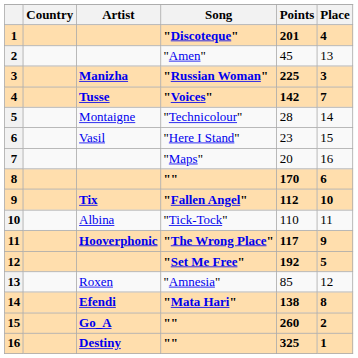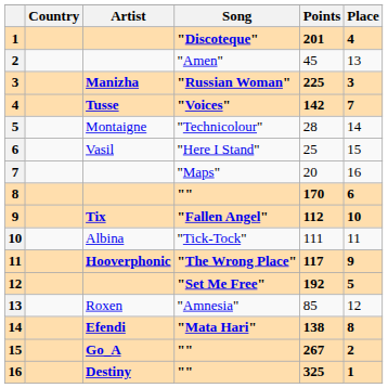 <table class="sortable wikitable plainrowheaders">
 <tr>
 </tr>
 <tr>
 <th scope="col"></th>
 <th scope="col">Country</th>
 <th scope="col">Artist</th>
 <th scope="col">Song</th>
 <th scope="col">Points</th>
 <th scope="col">Place</th>
 </tr>
 <tr style="font-weight:bold; background:navajowhite;">
 <th scope="row" style="text-align:center; font-weight:bold; background:navajowhite;">1</th>
 <td></td>
 <td></td>
 <td>"<a href='#'>Discoteque</a>"</td>
 <td>201</td>
 <td>4</td>
 </tr>
 <tr>
 <th scope="row" style="text-align:center;">2</th>
 <td></td>
 <td></td>
 <td>"<a href='#'>Amen</a>"</td>
 <td>45</td>
 <td>13</td>
 </tr>
 <tr style="font-weight:bold; background:navajowhite;">
 <th scope="row" style="text-align:center; font-weight:bold; background:navajowhite;">3</th>
 <td></td>
 <td><a href='#'>Manizha</a></td>
 <td>"<a href='#'>Russian Woman</a>"</td>
 <td>225</td>
 <td>3</td>
 </tr>
 <tr style="font-weight:bold; background:navajowhite;">
 <th scope="row" style="text-align:center; font-weight:bold; background:navajowhite;">4</th>
 <td></td>
 <td><a href='#'>Tusse</a></td>
 <td>"<a href='#'>Voices</a>"</td>
 <td>142</td>
 <td>7</td>
 </tr>
 <tr>
 <th scope="row" style="text-align:center;">5</th>
 <td></td>
 <td><a href='#'>Montaigne</a></td>
 <td>"<a href='#'>Technicolour</a>"</td>
 <td>28</td>
 <td>14</td>
 </tr>
 <tr>
 <th scope="row" style="text-align:center;">6</th>
 <td></td>
 <td><a href='#'>Vasil</a></td>
 <td>"<a href='#'>Here I Stand</a>"</td>
-<td>23</td>
+<td>25</td>
 <td>15</td>
 </tr>
 <tr>
 <th scope="row" style="text-align:center;">7</th>
 <td></td>
 <td></td>
 <td>"<a href='#'>Maps</a>"</td>
 <td>20</td>
 <td>16</td>
 </tr>
 <tr style="font-weight:bold; background:navajowhite;">
 <th scope="row" style="text-align:center; font-weight:bold; background:navajowhite;">8</th>
 <td></td>
 <td></td>
 <td>""</td>
 <td>170</td>
 <td>6</td>
 </tr>
 <tr style="font-weight:bold; background:navajowhite;">
 <th scope="row" style="text-align:center; font-weight:bold; background:navajowhite;">9</th>
 <td></td>
 <td><a href='#'>Tix</a></td>
 <td>"<a href='#'>Fallen Angel</a>"</td>
 <td>112</td>
 <td>10</td>
 </tr>
 <tr>
 <th scope="row" style="text-align:center;">10</th>
 <td></td>
 <td><a href='#'>Albina</a></td>
 <td>"<a href='#'>Tick-Tock</a>"</td>
-<td>110</td>
+<td>111</td>
 <td>11</td>
 </tr>
 <tr style="font-weight:bold; background:navajowhite;">
 <th scope="row" style="text-align:center; font-weight:bold; background:navajowhite;">11</th>
 <td></td>
 <td><a href='#'>Hooverphonic</a></td>
 <td>"<a href='#'>The Wrong Place</a>"</td>
 <td>117</td>
 <td>9</td>
 </tr>
 <tr style="font-weight:bold; background:navajowhite;">
 <th scope="row" style="text-align:center; font-weight:bold; background:navajowhite;">12</th>
 <td></td>
 <td></td>
 <td>"<a href='#'>Set Me Free</a>"</td>
 <td>192</td>
 <td>5</td>
 </tr>
 <tr>
 <th scope="row" style="text-align:center;">13</th>
 <td></td>
 <td><a href='#'>Roxen</a></td>
 <td>"<a href='#'>Amnesia</a>"</td>
 <td>85</td>
 <td>12</td>
 </tr>
 <tr style="font-weight:bold; background:navajowhite;">
 <th scope="row" style="text-align:center; font-weight:bold; background:navajowhite;">14</th>
 <td></td>
 <td><a href='#'>Efendi</a></td>
 <td>"<a href='#'>Mata Hari</a>"</td>
 <td>138</td>
 <td>8</td>
 </tr>
 <tr style="font-weight:bold; background:navajowhite;">
 <th scope="row" style="text-align:center; font-weight:bold; background:navajowhite;">15</th>
 <td></td>
 <td><a href='#'>Go_A</a></td>
 <td>""</td>
-<td>260</td>
+<td>267</td>
 <td>2</td>
 </tr>
 <tr style="font-weight:bold; background:navajowhite;">
 <th scope="row" style="text-align:center; font-weight:bold; background:navajowhite;">16</th>
 <td></td>
 <td><a href='#'>Destiny</a></td>
 <td>""</td>
 <td>325</td>
 <td>1</td>
 </tr>
 </table>
